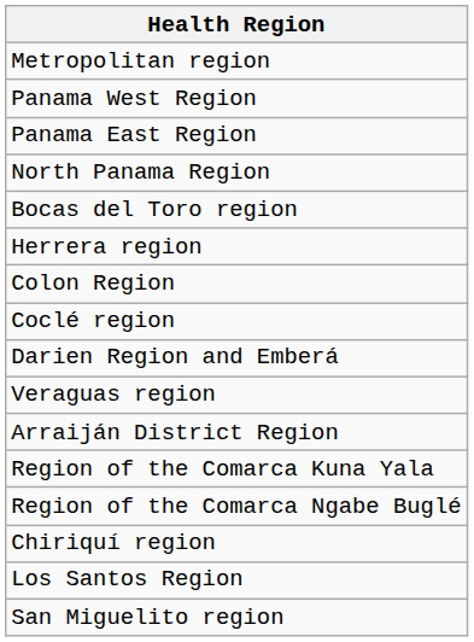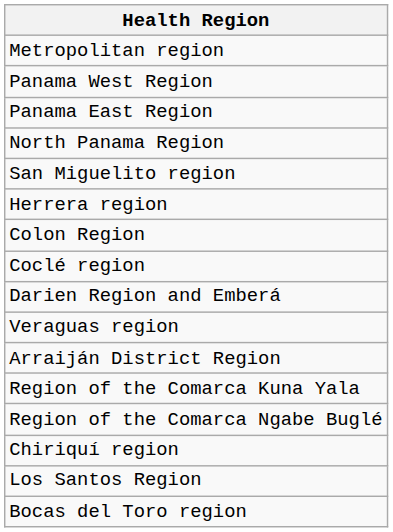 <table class="wikitable">
 <tr>
 <th>Health Region</th>
 </tr>
 <tr>
 <td>Metropolitan region</td>
 </tr>
 <tr>
 <td>Panama West Region</td>
 </tr>
 <tr>
 <td>Panama East Region</td>
 </tr>
 <tr>
 <td>North Panama Region</td>
 </tr>
 <tr>
-<td>Bocas del Toro region</td>
+<td>San Miguelito region</td>
 </tr>
 <tr>
 <td>Herrera region</td>
 </tr>
 <tr>
 <td>Colon Region</td>
 </tr>
 <tr>
 <td>Coclé region</td>
 </tr>
 <tr>
 <td>Darien Region and Emberá</td>
 </tr>
 <tr>
 <td>Veraguas region</td>
 </tr>
 <tr>
 <td>Arraiján District Region</td>
 </tr>
 <tr>
 <td>Region of the Comarca Kuna Yala</td>
 </tr>
 <tr>
 <td>Region of the Comarca Ngabe Buglé</td>
 </tr>
 <tr>
 <td>Chiriquí region</td>
 </tr>
 <tr>
 <td>Los Santos Region</td>
 </tr>
 <tr>
-<td>San Miguelito region</td>
+<td>Bocas del Toro region</td>
 </tr>
 </table>
